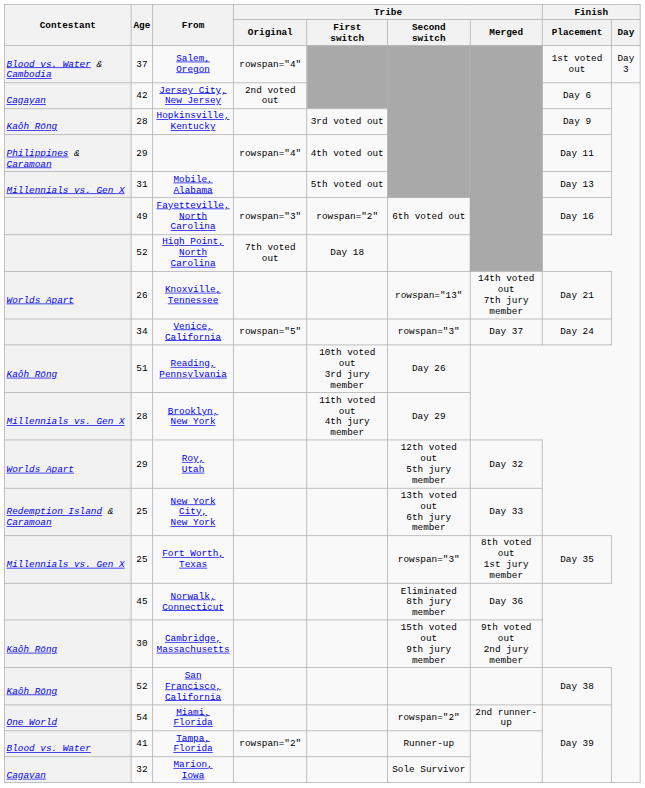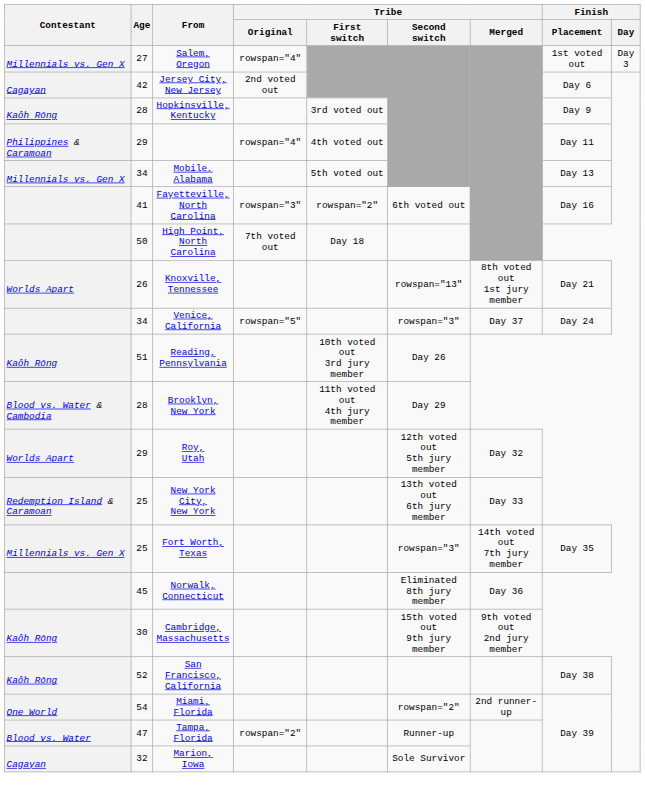 <table class="wikitable sortable" style="margin:auto; text-align:center">
 <tr>
 <th rowspan="2" scope="col">Contestant</th>
 <th rowspan="2" scope="col">Age</th>
 <th rowspan="2" scope="col" class=unsortable>From</th>
 <th colspan="4" scope="colgroup">Tribe</th>
 <th colspan="2" scope="colgroup">Finish</th>
 </tr>
 <tr>
 <th scope="col">Original</th>
 <th scope="col">First<br>switch</th>
 <th scope="col">Second<br>switch</th>
 <th scope="col" class=unsortable>Merged</th>
 <th scope="col" class=unsortable>Placement</th>
 <th scope="col" class=unsortable>Day</th>
 </tr>
 <tr>
-<th scope="row" style="text-align:left;font-weight:normal"><strong></strong><br><em><a href='#'>Blood vs. Water</a> & <a href='#'>Cambodia</a></em></th>
-<td>37</td>
+<th scope="row" style="text-align:left;font-weight:normal"><strong></strong><br><a href='#'><em>Millennials vs. Gen X</em></a></th>
+<td>27</td>
 <td><a href='#'>Salem,<br>Oregon</a></td>
 <td>rowspan="4" </td>
 <td rowspan="2" bgcolor="darkgray"></td>
 <td rowspan="5" bgcolor="darkgray"></td>
 <td rowspan="7" bgcolor="darkgray"></td>
 <td>1st voted out</td>
 <td>Day 3</td>
 </tr>
 <tr>
 <th scope="row" style="text-align:left;font-weight:normal"><strong></strong><br><a href='#'><em>Cagayan</em></a></th>
 <td>42</td>
 <td><a href='#'>Jersey City,<br>New Jersey</a></td>
 <td>2nd voted out</td>
 <td>Day 6</td>
 </tr>
 <tr>
 <th scope="row" style="text-align:left;font-weight:normal"><strong></strong><br><a href='#'><em>Kaôh Rōng</em></a></th>
 <td>28</td>
 <td><a href='#'>Hopkinsville,<br>Kentucky</a></td>
 <td></td>
 <td>3rd voted out</td>
 <td>Day 9</td>
 </tr>
 <tr>
 <th scope="row" style="text-align:left;font-weight:normal"><strong></strong><br><em><a href='#'>Philippines</a> & <a href='#'>Caramoan</a></em></th>
 <td>29</td>
 <td></td>
 <td>rowspan="4" </td>
 <td>4th voted out</td>
 <td>Day 11</td>
 </tr>
 <tr>
 <th scope="row" style="text-align:left;font-weight:normal"><strong></strong><br><a href='#'><em>Millennials vs. Gen X</em></a></th>
-<td>31</td>
+<td>34</td>
 <td><a href='#'>Mobile,<br>Alabama</a></td>
 <td></td>
 <td>5th voted out</td>
 <td>Day 13</td>
 </tr>
 <tr>
 <th scope="row" style="text-align:left;font-weight:normal"><strong></strong><br><em></em></th>
-<td>49</td>
+<td>41</td>
 <td><a href='#'>Fayetteville,<br>North Carolina</a></td>
 <td>rowspan="3" </td>
 <td>rowspan="2" </td>
 <td>6th voted out</td>
 <td>Day 16</td>
 </tr>
 <tr>
 <th scope="row" style="text-align:left;font-weight:normal"><strong></strong><br><em></em></th>
-<td>52</td>
+<td>50</td>
 <td><a href='#'>High Point,<br>North Carolina</a></td>
 <td>7th voted out</td>
 <td>Day 18</td>
 </tr>
 <tr>
 <th scope="row" style="text-align:left;font-weight:normal"><strong></strong><br><a href='#'><em>Worlds Apart</em></a></th>
 <td>26</td>
 <td><a href='#'>Knoxville,<br>Tennessee</a></td>
 <td></td>
 <td></td>
 <td>rowspan="13" </td>
-<td>14th voted out<br>7th jury member</td>
+<td>8th voted out<br>1st jury member</td>
 <td>Day 21</td>
 </tr>
 <tr>
 <th scope="row" style="text-align:left;font-weight:normal"><strong></strong><br><em></em></th>
 <td>34</td>
 <td><a href='#'>Venice,<br>California</a></td>
 <td>rowspan="5" </td>
 <td></td>
 <td>rowspan="3" </td>
 <td>Day 37</td>
 <td>Day 24</td>
 </tr>
 <tr>
 <th scope="row" style="text-align:left;font-weight:normal"><strong></strong><br><a href='#'><em>Kaôh Rōng</em></a></th>
 <td>51</td>
 <td><a href='#'>Reading,<br>Pennsylvania</a></td>
 <td></td>
 <td>10th voted out<br>3rd jury member</td>
 <td>Day 26</td>
 </tr>
 <tr>
-<th scope="row" style="text-align:left;font-weight:normal"><strong></strong><br><a href='#'><em>Millennials vs. Gen X</em></a></th>
+<th scope="row" style="text-align:left;font-weight:normal"><strong></strong><br><em><a href='#'>Blood vs. Water</a> & <a href='#'>Cambodia</a></em></th>
 <td>28</td>
 <td><a href='#'>Brooklyn,<br>New York</a></td>
 <td></td>
 <td>11th voted out<br>4th jury member</td>
 <td>Day 29</td>
 </tr>
 <tr>
 <th scope="row" style="text-align:left;font-weight:normal"><strong></strong><br><a href='#'><em>Worlds Apart</em></a></th>
 <td>29</td>
 <td><a href='#'>Roy,<br>Utah</a></td>
 <td></td>
 <td></td>
 <td>12th voted out<br>5th jury member</td>
 <td>Day 32</td>
 </tr>
 <tr>
 <th scope="row" style="text-align:left;font-weight:normal"><strong></strong><br><em><a href='#'>Redemption Island</a> & <a href='#'>Caramoan</a></em></th>
 <td>25</td>
 <td><a href='#'>New York City,<br>New York</a></td>
 <td></td>
 <td></td>
 <td>13th voted out<br>6th jury member</td>
 <td>Day 33</td>
 </tr>
 <tr>
 <th scope="row" style="text-align:left;font-weight:normal"><strong></strong><br><a href='#'><em>Millennials vs. Gen X</em></a></th>
 <td>25</td>
 <td><a href='#'>Fort Worth,<br>Texas</a></td>
 <td></td>
 <td></td>
 <td>rowspan="3" </td>
-<td>8th voted out<br>1st jury member</td>
+<td>14th voted out<br>7th jury member</td>
 <td>Day 35</td>
 </tr>
 <tr>
 <th scope="row" style="text-align:left;font-weight:normal"><strong></strong><br><em></em></th>
 <td>45</td>
 <td><a href='#'>Norwalk,<br>Connecticut</a></td>
 <td></td>
 <td></td>
 <td>Eliminated<br>8th jury member</td>
 <td>Day 36</td>
 </tr>
 <tr>
 <th scope="row" style="text-align:left;font-weight:normal"><strong></strong><br><a href='#'><em>Kaôh Rōng</em></a></th>
 <td>30</td>
 <td><a href='#'>Cambridge,<br>Massachusetts</a></td>
 <td></td>
 <td></td>
 <td>15th voted out<br>9th jury member</td>
 <td>9th voted out<br>2nd jury member</td>
 </tr>
 <tr>
 <th scope="row" style="text-align:left;font-weight:normal"><strong></strong><br><a href='#'><em>Kaôh Rōng</em></a></th>
 <td>52</td>
 <td><a href='#'>San Francisco,<br>California</a></td>
 <td></td>
 <td></td>
 <td></td>
 <td></td>
 <td>Day 38</td>
 </tr>
 <tr>
 <th scope="row" style="text-align:left;font-weight:normal"><strong></strong><br><a href='#'><em>One World</em></a></th>
 <td>54</td>
 <td><a href='#'>Miami,<br>Florida</a></td>
 <td></td>
 <td></td>
 <td>rowspan="2" </td>
 <td>2nd runner-up</td>
 <td rowspan="3">Day 39</td>
 </tr>
 <tr>
 <th scope="row" style="text-align:left;font-weight:normal"><strong></strong><br><a href='#'><em>Blood vs. Water</em></a></th>
-<td>41</td>
+<td>47</td>
 <td><a href='#'>Tampa,<br>Florida</a></td>
 <td>rowspan="2" </td>
 <td></td>
 <td>Runner-up</td>
 </tr>
 <tr>
 <th scope="row" style="text-align:left;font-weight:normal"><strong></strong><br><a href='#'><em>Cagayan</em></a></th>
 <td>32</td>
 <td><a href='#'>Marion,<br>Iowa</a></td>
 <td></td>
 <td></td>
 <td>Sole Survivor</td>
 </tr>
 </table>
